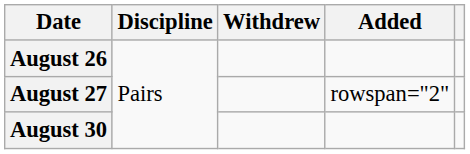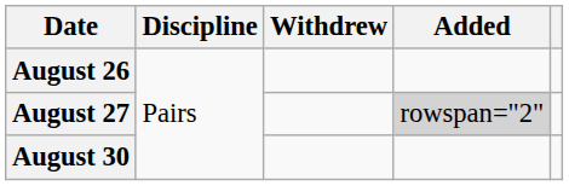 <table class="wikitable unsortable">
 <tr>
 <th scope="col">Date</th>
 <th scope="col">Discipline</th>
 <th scope="col">Withdrew</th>
 <th scope="col">Added</th>
 <th scope="col"></th>
 </tr>
 <tr>
 <th scope="row" style="text-align:left">August 26</th>
 <td rowspan="3">Pairs</td>
 <td></td>
 <td></td>
 <td></td>
 </tr>
 <tr>
 <th scope="row" style="text-align:left">August 27</th>
 <td></td>
-<td>rowspan="2" </td>
+<td style="background: lightgrey;">rowspan="2" </td>
 <td></td>
 </tr>
 <tr>
 <th scope="row" style="text-align:left">August 30</th>
 <td></td>
 <td></td>
 </tr>
 </table>
